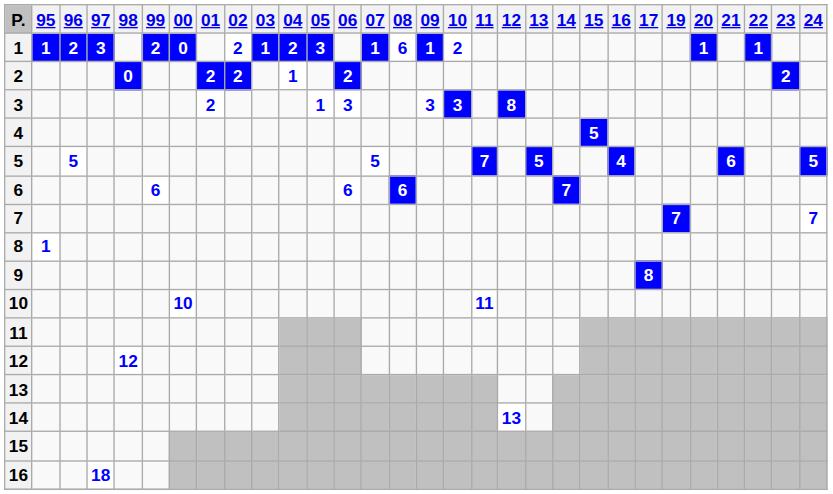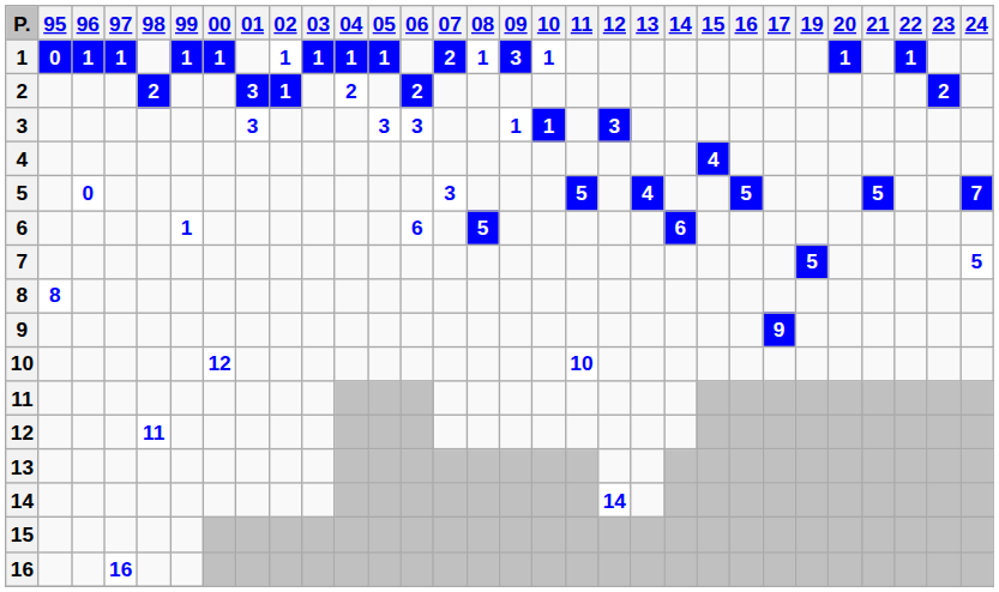 <table class="wikitable" style="text-align: center; font-size:80%">
 <tr>
 <th style="background:#c0c0c0">P.</th>
 <th><strong><a href='#'>95</a></strong></th>
 <th><strong><a href='#'>96</a></strong></th>
 <th><strong><a href='#'>97</a></strong></th>
 <th><strong><a href='#'>98</a></strong></th>
 <th><strong><a href='#'>99</a></strong></th>
 <th><strong><a href='#'>00</a></strong></th>
 <th><strong><a href='#'>01</a></strong></th>
 <th><strong><a href='#'>02</a></strong></th>
 <th><strong><a href='#'>03</a></strong></th>
 <th><strong><a href='#'>04</a></strong></th>
 <th><strong><a href='#'>05</a></strong></th>
 <th><strong><a href='#'>06</a></strong></th>
 <th><strong><a href='#'>07</a></strong></th>
 <th><strong><a href='#'>08</a></strong></th>
 <th><strong><a href='#'>09</a></strong></th>
 <th><strong><a href='#'>10</a></strong></th>
 <th><strong><a href='#'>11</a></strong></th>
 <th><strong><a href='#'>12</a></strong></th>
 <th><strong><a href='#'>13</a></strong></th>
 <th><strong><a href='#'>14</a></strong></th>
 <th><strong><a href='#'>15</a></strong></th>
 <th><strong><a href='#'>16</a></strong></th>
 <th><strong><a href='#'>17</a></strong></th>
 <th><strong><a href='#'>19</a></strong></th>
 <th><strong><a href='#'>20</a></strong></th>
 <th><strong><a href='#'>21</a></strong></th>
 <th><strong><a href='#'>22</a></strong></th>
 <th><strong><a href='#'>23</a></strong></th>
 <th><strong><a href='#'>24</a></strong></th>
 </tr>
 <tr>
 <th>1</th>
+<td style="background-color:#0000FF;color:white;"><strong>0</strong></td>
 <td style="background-color:#0000FF;color:white;"><strong>1</strong></td>
-<td style="background-color:#0000FF;color:white;"><strong>2</strong></td>
-<td style="background-color:#0000FF;color:white;"><strong>3</strong></td>
+<td style="background-color:#0000FF;color:white;"><strong>1</strong></td>
+<td></td>
+<td style="background-color:#0000FF;color:white;"><strong>1</strong></td>
+<td style="background-color:#0000FF;color:white;"><strong>1</strong></td>
+<td></td>
+<td style="background-color:#FFFFFF;color:blue;"><strong>1</strong></td>
+<td style="background-color:#0000FF;color:white;"><strong>1</strong></td>
+<td style="background-color:#0000FF;color:white;"><strong>1</strong></td>
+<td style="background-color:#0000FF;color:white;"><strong>1</strong></td>
 <td></td>
 <td style="background-color:#0000FF;color:white;"><strong>2</strong></td>
-<td style="background-color:#0000FF;color:white;"><strong>0</strong></td>
-<td></td>
-<td style="background-color:#FFFFFF;color:blue;"><strong>2</strong></td>
-<td style="background-color:#0000FF;color:white;"><strong>1</strong></td>
-<td style="background-color:#0000FF;color:white;"><strong>2</strong></td>
+<td style="background-color:#FFFFFF;color:blue;"><strong>1</strong></td>
 <td style="background-color:#0000FF;color:white;"><strong>3</strong></td>
-<td></td>
-<td style="background-color:#0000FF;color:white;"><strong>1</strong></td>
-<td style="background-color:#FFFFFF;color:blue;"><strong>6</strong></td>
-<td style="background-color:#0000FF;color:white;"><strong>1</strong></td>
-<td style="background-color:#FFFFFF;color:blue;"><strong>2</strong></td>
+<td style="background-color:#FFFFFF;color:blue;"><strong>1</strong></td>
 <td></td>
 <td></td>
 <td></td>
 <td></td>
 <td></td>
 <td></td>
 <td></td>
 <td></td>
 <td style="background-color:#0000FF;color:white;"><strong>1</strong></td>
 <td></td>
 <td style="background-color:#0000FF;color:white;"><strong>1</strong></td>
 <td></td>
 <td></td>
 </tr>
 <tr>
 <th>2</th>
 <td></td>
 <td></td>
 <td></td>
-<td style="background-color:#0000FF;color:white;"><strong>0</strong></td>
+<td style="background-color:#0000FF;color:white;"><strong>2</strong></td>
 <td></td>
 <td></td>
-<td style="background-color:#0000FF;color:white;"><strong>2</strong></td>
-<td style="background-color:#0000FF;color:white;"><strong>2</strong></td>
+<td style="background-color:#0000FF;color:white;"><strong>3</strong></td>
+<td style="background-color:#0000FF;color:white;"><strong>1</strong></td>
 <td></td>
-<td style="background-color:#FFFFFF;color:blue;"><strong>1</strong></td>
+<td style="background-color:#FFFFFF;color:blue;"><strong>2</strong></td>
 <td></td>
 <td style="background-color:#0000FF;color:white;"><strong>2</strong></td>
 <td></td>
 <td></td>
 <td></td>
 <td></td>
 <td></td>
 <td></td>
 <td></td>
 <td></td>
 <td></td>
 <td></td>
 <td></td>
 <td></td>
 <td></td>
 <td></td>
 <td></td>
 <td style="background-color:#0000FF;color:white;"><strong>2</strong></td>
 <td></td>
 </tr>
 <tr>
 <th>3</th>
 <td></td>
 <td></td>
 <td></td>
 <td></td>
 <td></td>
 <td></td>
-<td style="background-color:#FFFFFF;color:blue;"><strong>2</strong></td>
+<td style="background-color:#FFFFFF;color:blue;"><strong>3</strong></td>
 <td></td>
 <td></td>
 <td></td>
-<td style="background-color:#FFFFFF;color:blue;"><strong>1</strong></td>
+<td style="background-color:#FFFFFF;color:blue;"><strong>3</strong></td>
 <td style="background-color:#FFFFFF;color:blue;"><strong>3</strong></td>
 <td></td>
 <td></td>
-<td style="background-color:#FFFFFF;color:blue;"><strong>3</strong></td>
+<td style="background-color:#FFFFFF;color:blue;"><strong>1</strong></td>
+<td style="background-color:#0000FF;color:white;"><strong>1</strong></td>
+<td></td>
 <td style="background-color:#0000FF;color:white;"><strong>3</strong></td>
-<td></td>
-<td style="background-color:#0000FF;color:white;"><strong>8</strong></td>
 <td></td>
 <td></td>
 <td></td>
 <td></td>
 <td></td>
 <td></td>
 <td></td>
 <td></td>
 <td></td>
 <td></td>
 <td></td>
 </tr>
 <tr>
 <th>4</th>
 <td></td>
 <td></td>
 <td></td>
 <td></td>
 <td></td>
 <td></td>
 <td></td>
 <td></td>
 <td></td>
 <td></td>
 <td></td>
 <td></td>
 <td></td>
 <td></td>
 <td></td>
 <td></td>
 <td></td>
 <td></td>
 <td></td>
 <td></td>
-<td style="background-color:#0000FF;color:white;"><strong>5</strong></td>
+<td style="background-color:#0000FF;color:white;"><strong>4</strong></td>
 <td></td>
 <td></td>
 <td></td>
 <td></td>
 <td></td>
 <td></td>
 <td></td>
 <td></td>
 </tr>
 <tr>
 <th>5</th>
 <td></td>
-<td style="background-color:#FFFFFF;color:blue;"><strong>5</strong></td>
+<td style="background-color:#FFFFFF;color:blue;"><strong>0</strong></td>
 <td></td>
 <td></td>
 <td></td>
 <td></td>
 <td></td>
 <td></td>
 <td></td>
 <td></td>
 <td></td>
 <td></td>
-<td style="background-color:#FFFFFF;color:blue;"><strong>5</strong></td>
+<td style="background-color:#FFFFFF;color:blue;"><strong>3</strong></td>
 <td></td>
 <td></td>
 <td></td>
-<td style="background-color:#0000FF;color:white;"><strong>7</strong></td>
+<td style="background-color:#0000FF;color:white;"><strong>5</strong></td>
+<td></td>
+<td style="background-color:#0000FF;color:white;"><strong>4</strong></td>
+<td></td>
 <td></td>
 <td style="background-color:#0000FF;color:white;"><strong>5</strong></td>
 <td></td>
 <td></td>
-<td style="background-color:#0000FF;color:white;"><strong>4</strong></td>
+<td></td>
+<td style="background-color:#0000FF;color:white;"><strong>5</strong></td>
 <td></td>
 <td></td>
-<td></td>
-<td style="background-color:#0000FF;color:white;"><strong>6</strong></td>
-<td></td>
-<td></td>
-<td style="background-color:#0000FF;color:white;"><strong>5</strong></td>
+<td style="background-color:#0000FF;color:white;"><strong>7</strong></td>
 </tr>
 <tr>
 <th>6</th>
 <td></td>
 <td></td>
 <td></td>
 <td></td>
-<td style="background-color:#FFFFFF;color:blue;"><strong>6</strong></td>
+<td style="background-color:#FFFFFF;color:blue;"><strong>1</strong></td>
 <td></td>
 <td></td>
 <td></td>
 <td></td>
 <td></td>
 <td></td>
 <td style="background-color:#FFFFFF;color:blue;"><strong>6</strong></td>
 <td></td>
-<td style="background-color:#0000FF;color:white;"><strong>6</strong></td>
+<td style="background-color:#0000FF;color:white;"><strong>5</strong></td>
 <td></td>
 <td></td>
 <td></td>
 <td></td>
 <td></td>
-<td style="background-color:#0000FF;color:white;"><strong>7</strong></td>
+<td style="background-color:#0000FF;color:white;"><strong>6</strong></td>
 <td></td>
 <td></td>
 <td></td>
 <td></td>
 <td></td>
 <td></td>
 <td></td>
 <td></td>
 <td></td>
 </tr>
 <tr>
 <th>7</th>
 <td></td>
 <td></td>
 <td></td>
 <td></td>
 <td></td>
 <td></td>
 <td></td>
 <td></td>
 <td></td>
 <td></td>
 <td></td>
 <td></td>
 <td></td>
 <td></td>
 <td></td>
 <td></td>
 <td></td>
 <td></td>
 <td></td>
 <td></td>
 <td></td>
 <td></td>
 <td></td>
-<td style="background-color:#0000FF;color:white;"><strong>7</strong></td>
+<td style="background-color:#0000FF;color:white;"><strong>5</strong></td>
 <td></td>
 <td></td>
 <td></td>
 <td></td>
-<td style="background-color:#FFFFFF;color:blue;"><strong>7</strong></td>
+<td style="background-color:#FFFFFF;color:blue;"><strong>5</strong></td>
 </tr>
 <tr>
 <th>8</th>
-<td style="background-color:#FFFFFF;color:blue;"><strong>1</strong></td>
+<td style="background-color:#FFFFFF;color:blue;"><strong>8</strong></td>
 <td></td>
 <td></td>
 <td></td>
 <td></td>
 <td></td>
 <td></td>
 <td></td>
 <td></td>
 <td></td>
 <td></td>
 <td></td>
 <td></td>
 <td></td>
 <td></td>
 <td></td>
 <td></td>
 <td></td>
 <td></td>
 <td></td>
 <td></td>
 <td></td>
 <td></td>
 <td></td>
 <td></td>
 <td></td>
 <td></td>
 <td></td>
 <td></td>
 </tr>
 <tr>
 <th>9</th>
 <td></td>
 <td></td>
 <td></td>
 <td></td>
 <td></td>
 <td></td>
 <td></td>
 <td></td>
 <td></td>
 <td></td>
 <td></td>
 <td></td>
 <td></td>
 <td></td>
 <td></td>
 <td></td>
 <td></td>
 <td></td>
 <td></td>
 <td></td>
 <td></td>
 <td></td>
-<td style="background-color:#0000FF;color:white;"><strong>8</strong></td>
+<td style="background-color:#0000FF;color:white;"><strong>9</strong></td>
 <td></td>
 <td></td>
 <td></td>
 <td></td>
 <td></td>
 <td></td>
 </tr>
 <tr>
 <th>10</th>
 <td></td>
 <td></td>
 <td></td>
 <td></td>
 <td></td>
-<td style="background-color:#FFFFFF;color:blue;"><strong>10</strong></td>
+<td style="background-color:#FFFFFF;color:blue;"><strong>12</strong></td>
 <td></td>
 <td></td>
 <td></td>
 <td></td>
 <td></td>
 <td></td>
 <td></td>
 <td></td>
 <td></td>
 <td></td>
-<td style="background-color:#FFFFFF;color:blue;"><strong>11</strong></td>
+<td style="background-color:#FFFFFF;color:blue;"><strong>10</strong></td>
 <td></td>
 <td></td>
 <td></td>
 <td></td>
 <td></td>
 <td></td>
 <td></td>
 <td></td>
 <td></td>
 <td></td>
 <td></td>
 <td></td>
 </tr>
 <tr>
 <th>11</th>
 <td></td>
 <td></td>
 <td></td>
 <td></td>
 <td></td>
 <td></td>
 <td></td>
 <td></td>
 <td></td>
 <td style="background:#c0c0c0"></td>
 <td style="background:#c0c0c0"></td>
 <td style="background:#c0c0c0"></td>
 <td></td>
 <td></td>
 <td></td>
 <td></td>
 <td></td>
 <td></td>
 <td></td>
 <td></td>
 <td style="background:#c0c0c0"></td>
 <td style="background:#c0c0c0"></td>
 <td style="background:#c0c0c0"></td>
 <td style="background:#c0c0c0"></td>
 <td style="background:#c0c0c0"></td>
 <td style="background:#c0c0c0"></td>
 <td style="background:#c0c0c0"></td>
 <td style="background:#c0c0c0"></td>
 <td style="background:#c0c0c0"></td>
 </tr>
 <tr>
 <th>12</th>
 <td></td>
 <td></td>
 <td></td>
-<td style="background-color:#FFFFFF;color:blue;"><strong>12</strong></td>
+<td style="background-color:#FFFFFF;color:blue;"><strong>11</strong></td>
 <td></td>
 <td></td>
 <td></td>
 <td></td>
 <td></td>
 <td style="background:#c0c0c0"></td>
 <td style="background:#c0c0c0"></td>
 <td style="background:#c0c0c0"></td>
 <td></td>
 <td></td>
 <td></td>
 <td></td>
 <td></td>
 <td></td>
 <td></td>
 <td></td>
 <td style="background:#c0c0c0"></td>
 <td style="background:#c0c0c0"></td>
 <td style="background:#c0c0c0"></td>
 <td style="background:#c0c0c0"></td>
 <td style="background:#c0c0c0"></td>
 <td style="background:#c0c0c0"></td>
 <td style="background:#c0c0c0"></td>
 <td style="background:#c0c0c0"></td>
 <td style="background:#c0c0c0"></td>
 </tr>
 <tr>
 <th>13</th>
 <td></td>
 <td></td>
 <td></td>
 <td></td>
 <td></td>
 <td></td>
 <td></td>
 <td></td>
 <td></td>
 <td style="background:#c0c0c0"></td>
 <td style="background:#c0c0c0"></td>
 <td style="background:#c0c0c0"></td>
 <td style="background:#c0c0c0"></td>
 <td style="background:#c0c0c0"></td>
 <td style="background:#c0c0c0"></td>
 <td style="background:#c0c0c0"></td>
 <td style="background:#c0c0c0"></td>
 <td></td>
 <td></td>
 <td style="background:#c0c0c0"></td>
 <td style="background:#c0c0c0"></td>
 <td style="background:#c0c0c0"></td>
 <td style="background:#c0c0c0"></td>
 <td style="background:#c0c0c0"></td>
 <td style="background:#c0c0c0"></td>
 <td style="background:#c0c0c0"></td>
 <td style="background:#c0c0c0"></td>
 <td style="background:#c0c0c0"></td>
 <td style="background:#c0c0c0"></td>
 </tr>
 <tr>
 <th>14</th>
 <td></td>
 <td></td>
 <td></td>
 <td></td>
 <td></td>
 <td></td>
 <td></td>
 <td></td>
 <td></td>
 <td style="background:#c0c0c0"></td>
 <td style="background:#c0c0c0"></td>
 <td style="background:#c0c0c0"></td>
 <td style="background:#c0c0c0"></td>
 <td style="background:#c0c0c0"></td>
 <td style="background:#c0c0c0"></td>
 <td style="background:#c0c0c0"></td>
 <td style="background:#c0c0c0"></td>
-<td style="background-color:#FFFFFF;color:blue;"><strong>13</strong></td>
+<td style="background-color:#FFFFFF;color:blue;"><strong>14</strong></td>
 <td></td>
 <td style="background:#c0c0c0"></td>
 <td style="background:#c0c0c0"></td>
 <td style="background:#c0c0c0"></td>
 <td style="background:#c0c0c0"></td>
 <td style="background:#c0c0c0"></td>
 <td style="background:#c0c0c0"></td>
 <td style="background:#c0c0c0"></td>
 <td style="background:#c0c0c0"></td>
 <td style="background:#c0c0c0"></td>
 <td style="background:#c0c0c0"></td>
 </tr>
 <tr>
 <th>15</th>
 <td></td>
 <td></td>
 <td></td>
 <td></td>
 <td></td>
 <td style="background:#c0c0c0"></td>
 <td style="background:#c0c0c0"></td>
 <td style="background:#c0c0c0"></td>
 <td style="background:#c0c0c0"></td>
 <td style="background:#c0c0c0"></td>
 <td style="background:#c0c0c0"></td>
 <td style="background:#c0c0c0"></td>
 <td style="background:#c0c0c0"></td>
 <td style="background:#c0c0c0"></td>
 <td style="background:#c0c0c0"></td>
 <td style="background:#c0c0c0"></td>
 <td style="background:#c0c0c0"></td>
 <td style="background:#c0c0c0"></td>
 <td style="background:#c0c0c0"></td>
 <td style="background:#c0c0c0"></td>
 <td style="background:#c0c0c0"></td>
 <td style="background:#c0c0c0"></td>
 <td style="background:#c0c0c0"></td>
 <td style="background:#c0c0c0"></td>
 <td style="background:#c0c0c0"></td>
 <td style="background:#c0c0c0"></td>
 <td style="background:#c0c0c0"></td>
 <td style="background:#c0c0c0"></td>
 <td style="background:#c0c0c0"></td>
 </tr>
 <tr>
 <th>16</th>
 <td></td>
 <td></td>
-<td style="background-color:#FFFFFF;color:blue;"><strong>18</strong></td>
+<td style="background-color:#FFFFFF;color:blue;"><strong>16</strong></td>
 <td></td>
 <td></td>
 <td style="background:#c0c0c0"></td>
 <td style="background:#c0c0c0"></td>
 <td style="background:#c0c0c0"></td>
 <td style="background:#c0c0c0"></td>
 <td style="background:#c0c0c0"></td>
 <td style="background:#c0c0c0"></td>
 <td style="background:#c0c0c0"></td>
 <td style="background:#c0c0c0"></td>
 <td style="background:#c0c0c0"></td>
 <td style="background:#c0c0c0"></td>
 <td style="background:#c0c0c0"></td>
 <td style="background:#c0c0c0"></td>
 <td style="background:#c0c0c0"></td>
 <td style="background:#c0c0c0"></td>
 <td style="background:#c0c0c0"></td>
 <td style="background:#c0c0c0"></td>
 <td style="background:#c0c0c0"></td>
 <td style="background:#c0c0c0"></td>
 <td style="background:#c0c0c0"></td>
 <td style="background:#c0c0c0"></td>
 <td style="background:#c0c0c0"></td>
 <td style="background:#c0c0c0"></td>
 <td style="background:#c0c0c0"></td>
 <td style="background:#c0c0c0"></td>
 </tr>
 <tr>
 </tr>
 </table>
